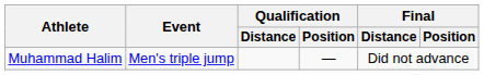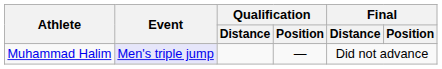 <table class=wikitable style="font-size:90%">
 <tr>
 <th rowspan="2">Athlete</th>
 <th rowspan="2">Event</th>
 <th colspan="2">Qualification</th>
 <th colspan="2">Final</th>
 </tr>
 <tr style="font-size:95%">
 <th>Distance</th>
 <th>Position</th>
 <th>Distance</th>
 <th>Position</th>
 </tr>
 <tr align=center>
 <td align=left><a href='#'>Muhammad Halim</a></td>
-<td align=left><a href='#'>Men's triple jump</a></td>
+<td align=left style="background: lavender;"><a href='#'>Men's triple jump</a></td>
 <td></td>
 <td>—</td>
 <td colspan=2>Did not advance</td>
 </tr>
 </table>
